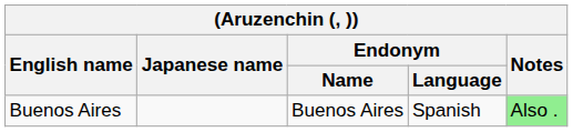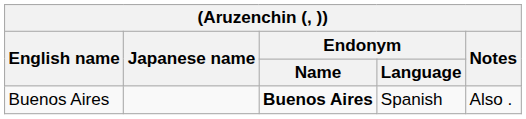 <table class="wikitable sortable">
 <tr>
 <th colspan="5"> (Aruzenchin (,  ))</th>
 </tr>
 <tr>
 <th rowspan="2">English name</th>
 <th rowspan="2">Japanese name</th>
 <th colspan="2">Endonym</th>
 <th rowspan="2">Notes</th>
 </tr>
 <tr>
 <th>Name</th>
 <th>Language</th>
 </tr>
 <tr>
 <td>Buenos Aires</td>
 <td><br></td>
-<td>Buenos Aires</td>
+<td><strong>Buenos Aires</strong></td>
 <td>Spanish</td>
-<td style="background: lightgreen;">Also .</td>
+<td>Also .</td>
 </tr>
 </table>
